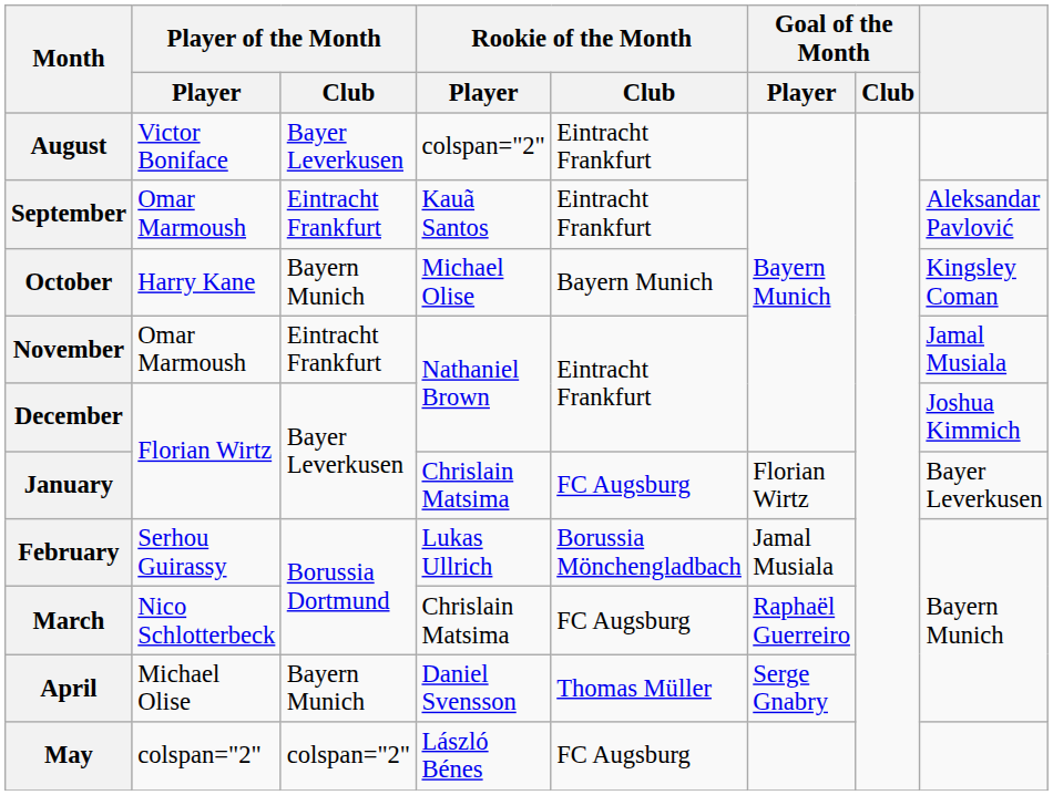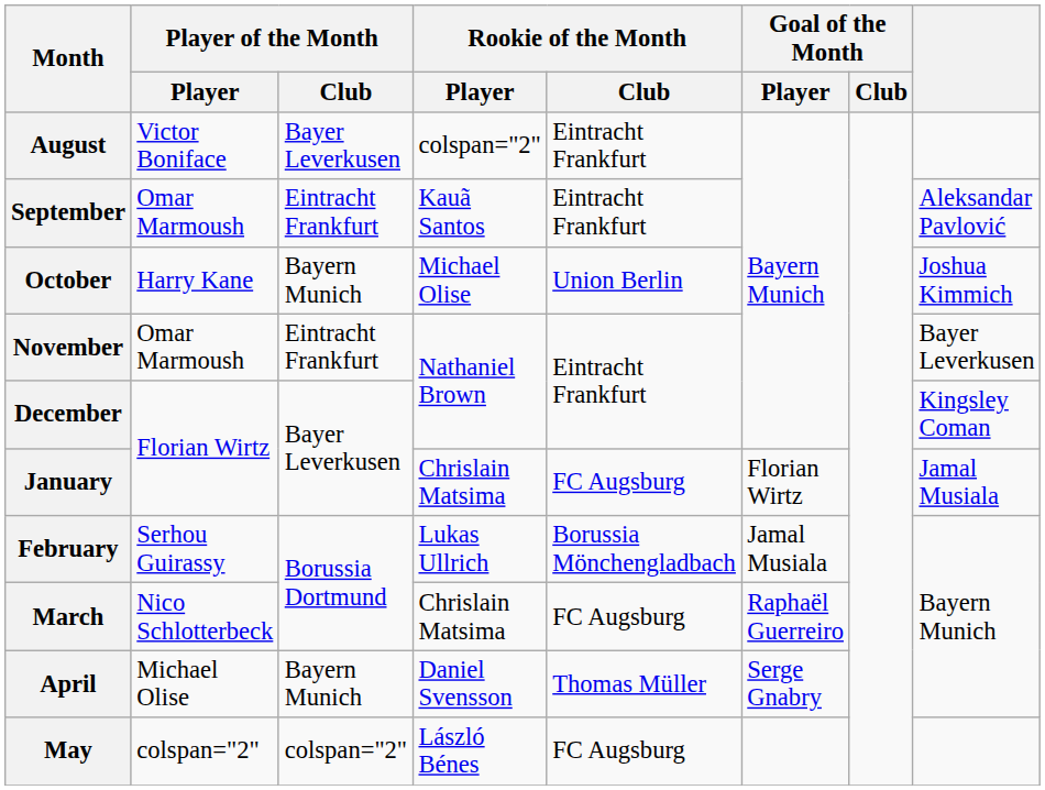 <table class="wikitable">
 <tr>
 <th rowspan="2">Month</th>
 <th colspan="2">Player of the Month</th>
 <th colspan="2">Rookie of the Month</th>
 <th colspan="2">Goal of the Month</th>
 <th rowspan="2"></th>
 </tr>
 <tr>
 <th>Player</th>
 <th>Club</th>
 <th>Player</th>
 <th>Club</th>
 <th>Player</th>
 <th>Club</th>
 </tr>
 <tr>
 <th>August</th>
 <td> <a href='#'>Victor Boniface</a></td>
 <td><a href='#'>Bayer Leverkusen</a></td>
 <td>colspan="2" </td>
 <td>Eintracht Frankfurt</td>
 <td rowspan="5"><a href='#'>Bayern Munich</a></td>
 <td rowspan="10"></td>
 </tr>
 <tr>
 <th>September</th>
 <td> <a href='#'>Omar Marmoush</a></td>
 <td><a href='#'>Eintracht Frankfurt</a></td>
 <td> <a href='#'>Kauã Santos</a></td>
 <td>Eintracht Frankfurt</td>
 <td> <a href='#'>Aleksandar Pavlović</a></td>
 </tr>
 <tr>
 <th>October</th>
 <td> <a href='#'>Harry Kane</a></td>
 <td>Bayern Munich</td>
 <td> <a href='#'>Michael Olise</a></td>
-<td>Bayern Munich</td>
-<td> <a href='#'>Kingsley Coman</a></td>
+<td><a href='#'>Union Berlin</a></td>
+<td> <a href='#'>Joshua Kimmich</a></td>
 </tr>
 <tr>
 <th>November</th>
 <td> Omar Marmoush</td>
 <td>Eintracht Frankfurt</td>
 <td rowspan="2"> <a href='#'>Nathaniel Brown</a></td>
 <td rowspan="2">Eintracht Frankfurt</td>
-<td> <a href='#'>Jamal Musiala</a></td>
+<td>Bayer Leverkusen</td>
 </tr>
 <tr>
 <th>December</th>
 <td rowspan="2"> <a href='#'>Florian Wirtz</a></td>
 <td rowspan="2">Bayer Leverkusen</td>
-<td> <a href='#'>Joshua Kimmich</a></td>
+<td> <a href='#'>Kingsley Coman</a></td>
 </tr>
 <tr>
 <th>January</th>
 <td> <a href='#'>Chrislain Matsima</a></td>
 <td><a href='#'>FC Augsburg</a></td>
 <td> Florian Wirtz</td>
-<td>Bayer Leverkusen</td>
+<td> <a href='#'>Jamal Musiala</a></td>
 </tr>
 <tr>
 <th>February</th>
 <td> <a href='#'>Serhou Guirassy</a></td>
 <td rowspan="2"><a href='#'>Borussia Dortmund</a></td>
 <td> <a href='#'>Lukas Ullrich</a></td>
 <td><a href='#'>Borussia Mönchengladbach</a></td>
 <td> Jamal Musiala</td>
 <td rowspan="3">Bayern Munich</td>
 </tr>
 <tr>
 <th>March</th>
 <td> <a href='#'>Nico Schlotterbeck</a></td>
 <td> Chrislain Matsima</td>
 <td>FC Augsburg</td>
 <td> <a href='#'>Raphaël Guerreiro</a></td>
 </tr>
 <tr>
 <th>April</th>
 <td> Michael Olise</td>
 <td>Bayern Munich</td>
 <td> <a href='#'>Daniel Svensson</a></td>
 <td> <a href='#'>Thomas Müller</a></td>
 <td> <a href='#'>Serge Gnabry</a></td>
 </tr>
 <tr>
 <th>May</th>
 <td>colspan="2" </td>
 <td>colspan="2" </td>
 <td> <a href='#'>László Bénes</a></td>
 <td>FC Augsburg</td>
 </tr>
 </table>
